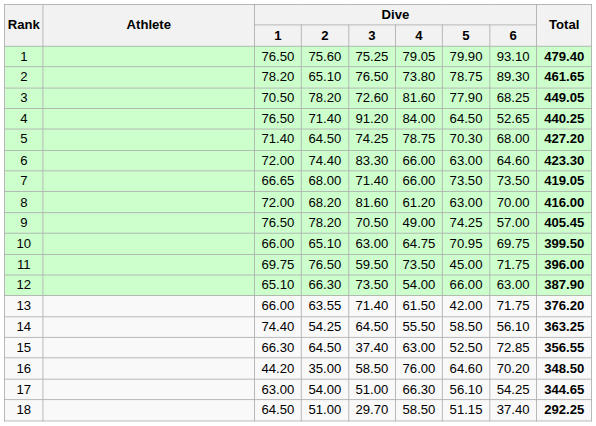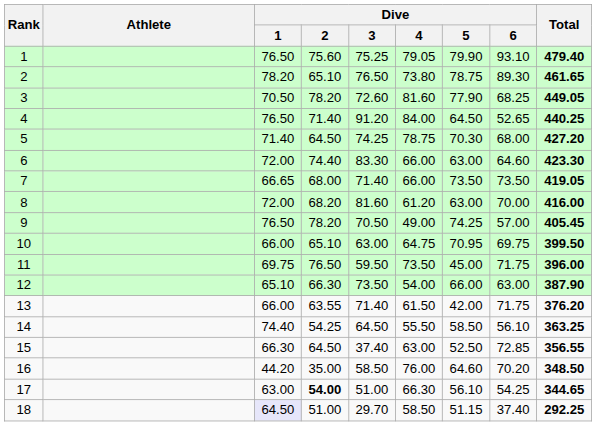 <table class="wikitable" style="text-align:center">
 <tr>
 <th rowspan="2" width="40">Rank</th>
 <th rowspan="2" width="250">Athlete</th>
 <th colspan="6">Dive</th>
 <th rowspan="2" width="60">Total</th>
 </tr>
 <tr>
 <th width="50">1</th>
 <th width="50">2</th>
 <th width="50">3</th>
 <th width="50">4</th>
 <th width="50">5</th>
 <th width="50">6</th>
 </tr>
 <tr bgcolor="ccffcc">
 <td>1</td>
 <td align="left"></td>
 <td>76.50</td>
 <td>75.60</td>
 <td>75.25</td>
 <td>79.05</td>
 <td>79.90</td>
 <td>93.10</td>
 <td><strong>479.40</strong></td>
 </tr>
 <tr bgcolor="ccffcc">
 <td>2</td>
 <td align="left"></td>
 <td>78.20</td>
 <td>65.10</td>
 <td>76.50</td>
 <td>73.80</td>
 <td>78.75</td>
 <td>89.30</td>
 <td><strong>461.65</strong></td>
 </tr>
 <tr bgcolor="ccffcc">
 <td>3</td>
 <td align="left"></td>
 <td>70.50</td>
 <td>78.20</td>
 <td>72.60</td>
 <td>81.60</td>
 <td>77.90</td>
 <td>68.25</td>
 <td><strong>449.05</strong></td>
 </tr>
 <tr bgcolor="ccffcc">
 <td>4</td>
 <td align="left"></td>
 <td>76.50</td>
 <td>71.40</td>
 <td>91.20</td>
 <td>84.00</td>
 <td>64.50</td>
 <td>52.65</td>
 <td><strong>440.25</strong></td>
 </tr>
 <tr bgcolor="ccffcc">
 <td>5</td>
 <td align="left"></td>
 <td>71.40</td>
 <td>64.50</td>
 <td>74.25</td>
 <td>78.75</td>
 <td>70.30</td>
 <td>68.00</td>
 <td><strong>427.20</strong></td>
 </tr>
 <tr bgcolor="ccffcc">
 <td>6</td>
 <td align="left"></td>
 <td>72.00</td>
 <td>74.40</td>
 <td>83.30</td>
 <td>66.00</td>
 <td>63.00</td>
 <td>64.60</td>
 <td><strong>423.30</strong></td>
 </tr>
 <tr bgcolor="ccffcc">
 <td>7</td>
 <td align="left"></td>
 <td>66.65</td>
 <td>68.00</td>
 <td>71.40</td>
 <td>66.00</td>
 <td>73.50</td>
 <td>73.50</td>
 <td><strong>419.05</strong></td>
 </tr>
 <tr bgcolor="ccffcc">
 <td>8</td>
 <td align="left"></td>
 <td>72.00</td>
 <td>68.20</td>
 <td>81.60</td>
 <td>61.20</td>
 <td>63.00</td>
 <td>70.00</td>
 <td><strong>416.00</strong></td>
 </tr>
 <tr bgcolor="ccffcc">
 <td>9</td>
 <td align="left"></td>
 <td>76.50</td>
 <td>78.20</td>
 <td>70.50</td>
 <td>49.00</td>
 <td>74.25</td>
 <td>57.00</td>
 <td><strong>405.45</strong></td>
 </tr>
 <tr bgcolor="ccffcc">
 <td>10</td>
 <td align="left"></td>
 <td>66.00</td>
 <td>65.10</td>
 <td>63.00</td>
 <td>64.75</td>
 <td>70.95</td>
 <td>69.75</td>
 <td><strong>399.50</strong></td>
 </tr>
 <tr bgcolor="ccffcc">
 <td>11</td>
 <td align="left"></td>
 <td>69.75</td>
 <td>76.50</td>
 <td>59.50</td>
 <td>73.50</td>
 <td>45.00</td>
 <td>71.75</td>
 <td><strong>396.00</strong></td>
 </tr>
 <tr bgcolor="ccffcc">
 <td>12</td>
 <td align="left"></td>
 <td>65.10</td>
 <td>66.30</td>
 <td>73.50</td>
 <td>54.00</td>
 <td>66.00</td>
 <td>63.00</td>
 <td><strong>387.90</strong></td>
 </tr>
 <tr>
 <td>13</td>
 <td align="left"></td>
 <td>66.00</td>
 <td>63.55</td>
 <td>71.40</td>
 <td>61.50</td>
 <td>42.00</td>
 <td>71.75</td>
 <td><strong>376.20</strong></td>
 </tr>
 <tr>
 <td>14</td>
 <td align="left"></td>
 <td>74.40</td>
 <td>54.25</td>
 <td>64.50</td>
 <td>55.50</td>
 <td>58.50</td>
 <td>56.10</td>
 <td><strong>363.25</strong></td>
 </tr>
 <tr>
 <td>15</td>
 <td align="left"></td>
 <td>66.30</td>
 <td>64.50</td>
 <td>37.40</td>
 <td>63.00</td>
 <td>52.50</td>
 <td>72.85</td>
 <td><strong>356.55</strong></td>
 </tr>
 <tr>
 <td>16</td>
 <td align="left"></td>
 <td>44.20</td>
 <td>35.00</td>
 <td>58.50</td>
 <td>76.00</td>
 <td>64.60</td>
 <td>70.20</td>
 <td><strong>348.50</strong></td>
 </tr>
 <tr>
 <td>17</td>
 <td align="left"></td>
 <td>63.00</td>
-<td>54.00</td>
+<td><strong>54.00</strong></td>
 <td>51.00</td>
 <td>66.30</td>
 <td>56.10</td>
 <td>54.25</td>
 <td><strong>344.65</strong></td>
 </tr>
 <tr>
 <td>18</td>
 <td align="left"></td>
-<td>64.50</td>
+<td style="background: lavender;">64.50</td>
 <td>51.00</td>
 <td>29.70</td>
 <td>58.50</td>
 <td>51.15</td>
 <td>37.40</td>
 <td><strong>292.25</strong></td>
 </tr>
 </table>
